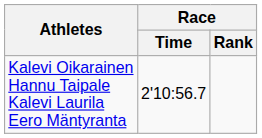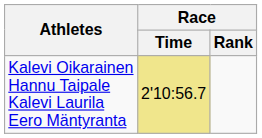 <table class="wikitable" border="1" style="font-size:90%">
 <tr>
 <th rowspan=2>Athletes</th>
 <th colspan=2>Race</th>
 </tr>
 <tr>
 <th>Time</th>
 <th>Rank</th>
 </tr>
 <tr>
 <td><a href='#'>Kalevi Oikarainen</a><br><a href='#'>Hannu Taipale</a><br><a href='#'>Kalevi Laurila</a><br><a href='#'>Eero Mäntyranta</a></td>
-<td align=center>2'10:56.7</td>
+<td align=center style="background: khaki;">2'10:56.7</td>
 <td align=center></td>
 </tr>
 </table>
